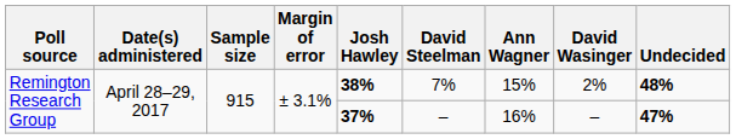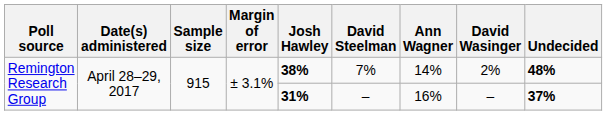 <table class="wikitable" style="font-size:90%">
 <tr valign=bottom>
 <th>Poll source</th>
 <th>Date(s)<br>administered</th>
 <th>Sample<br>size</th>
 <th>Margin<br>of error</th>
 <th style="width:75px;">Josh<br>Hawley</th>
 <th style="width:75px;">David<br>Steelman</th>
 <th style="width:75px;">Ann<br>Wagner</th>
 <th style="width:75px;">David<br>Wasinger</th>
 <th>Undecided</th>
 </tr>
 <tr>
 <td rowspan=2><a href='#'>Remington Research Group</a></td>
 <td align=center rowspan=2>April 28–29, 2017</td>
 <td align=center rowspan=2>915</td>
 <td align=center rowspan=2>± 3.1%</td>
 <td><strong>38%</strong></td>
 <td align=center>7%</td>
-<td align=center>15%</td>
+<td align=center>14%</td>
 <td align=center>2%</td>
 <td><strong>48%</strong></td>
 </tr>
 <tr>
-<td><strong>37%</strong></td>
+<td><strong>31%</strong></td>
 <td align=center>–</td>
 <td align=center>16%</td>
 <td align=center>–</td>
-<td><strong>47%</strong></td>
+<td><strong>37%</strong></td>
 </tr>
 </table>
